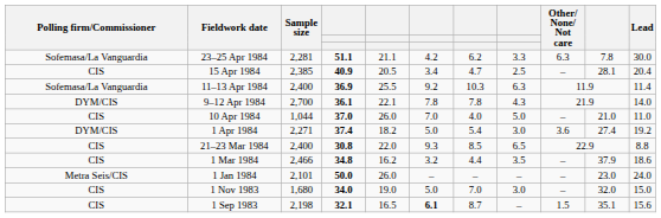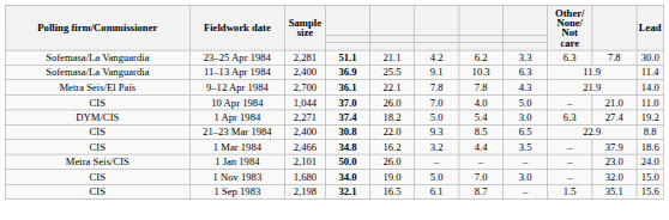 <table class="wikitable collapsible collapsed" style="text-align:center; font-size:90%; line-height:14px;">
 <tr style="height:42px;">
 <th style="width:250px;" rowspan="3">Polling firm/Commissioner</th>
 <th style="width:125px;" rowspan="3">Fieldwork date</th>
 <th style="width:50px;" rowspan="3">Sample size</th>
 <th style="width:55px;"></th>
 <th style="width:55px;"></th>
 <th style="width:55px;"></th>
 <th style="width:55px;"></th>
 <th style="width:55px;"></th>
 <th style="width:55px;" rowspan="3">Other/<br>None/<br>Not<br>care</th>
 <th style="width:55px;" rowspan="3"></th>
 <th style="width:30px;" rowspan="3">Lead</th>
 </tr>
 <tr>
 <th style="color:inherit;background:"></th>
 <th style="color:inherit;background:"></th>
 <th style="color:inherit;background:"></th>
 <th style="color:inherit;background:"></th>
 <th style="color:inherit;background:"></th>
 </tr>
 <tr>
 <th></th>
 <th></th>
 <th></th>
 <th></th>
 <th></th>
 </tr>
 <tr>
 <td>Sofemasa/La Vanguardia</td>
 <td>23–25 Apr 1984</td>
 <td>2,281</td>
 <td><strong>51.1</strong></td>
 <td>21.1</td>
 <td>4.2</td>
 <td>6.2</td>
 <td>3.3</td>
 <td>6.3</td>
 <td>7.8</td>
 <td style="background:">30.0</td>
 </tr>
 <tr>
-<td>CIS</td>
-<td>15 Apr 1984</td>
-<td>2,385</td>
-<td><strong>40.9</strong></td>
-<td>20.5</td>
-<td>3.4</td>
-<td>4.7</td>
-<td>2.5</td>
-<td>–</td>
-<td>28.1</td>
-<td style="background:">20.4</td>
-</tr>
-<tr>
 <td>Sofemasa/La Vanguardia</td>
 <td>11–13 Apr 1984</td>
 <td>2,400</td>
 <td><strong>36.9</strong></td>
 <td>25.5</td>
-<td>9.2</td>
+<td>9.1</td>
 <td>10.3</td>
 <td>6.3</td>
 <td colspan="2">11.9</td>
 <td style="background:">11.4</td>
 </tr>
 <tr>
-<td>DYM/CIS</td>
+<td>Metra Seis/El País</td>
 <td>9–12 Apr 1984</td>
 <td>2,700</td>
 <td><strong>36.1</strong></td>
 <td>22.1</td>
 <td>7.8</td>
 <td>7.8</td>
 <td>4.3</td>
 <td colspan="2">21.9</td>
 <td style="background:">14.0</td>
 </tr>
 <tr>
 <td>CIS</td>
 <td>10 Apr 1984</td>
 <td>1,044</td>
 <td><strong>37.0</strong></td>
 <td>26.0</td>
 <td>7.0</td>
 <td>4.0</td>
 <td>5.0</td>
 <td>–</td>
 <td>21.0</td>
 <td style="background:">11.0</td>
 </tr>
 <tr>
 <td>DYM/CIS</td>
 <td>1 Apr 1984</td>
 <td>2,271</td>
 <td><strong>37.4</strong></td>
 <td>18.2</td>
 <td>5.0</td>
 <td>5.4</td>
 <td>3.0</td>
-<td>3.6</td>
+<td>6.3</td>
 <td>27.4</td>
 <td style="background:">19.2</td>
 </tr>
 <tr>
 <td>CIS</td>
 <td>21–23 Mar 1984</td>
 <td>2,400</td>
 <td><strong>30.8</strong></td>
 <td>22.0</td>
 <td>9.3</td>
 <td>8.5</td>
 <td>6.5</td>
 <td colspan="2">22.9</td>
 <td style="background:">8.8</td>
 </tr>
 <tr>
 <td>CIS</td>
 <td>1 Mar 1984</td>
 <td>2,466</td>
 <td><strong>34.8</strong></td>
 <td>16.2</td>
 <td>3.2</td>
 <td>4.4</td>
 <td>3.5</td>
 <td>–</td>
 <td>37.9</td>
 <td style="background:">18.6</td>
 </tr>
 <tr>
 <td>Metra Seis/CIS</td>
 <td>1 Jan 1984</td>
 <td>2,101</td>
 <td><strong>50.0</strong></td>
 <td>26.0</td>
 <td>–</td>
 <td>–</td>
 <td>–</td>
 <td>–</td>
 <td>23.0</td>
 <td style="background:">24.0</td>
 </tr>
 <tr>
 <td>CIS</td>
 <td>1 Nov 1983</td>
 <td>1,680</td>
 <td><strong>34.0</strong></td>
 <td>19.0</td>
 <td>5.0</td>
 <td>7.0</td>
 <td>3.0</td>
 <td>–</td>
 <td>32.0</td>
 <td style="background:">15.0</td>
 </tr>
 <tr>
 <td>CIS</td>
 <td>1 Sep 1983</td>
 <td>2,198</td>
 <td><strong>32.1</strong></td>
 <td>16.5</td>
-<td><strong>6.1</strong></td>
+<td>6.1</td>
 <td>8.7</td>
 <td>–</td>
 <td>1.5</td>
 <td>35.1</td>
 <td style="background:">15.6</td>
 </tr>
 </table>
